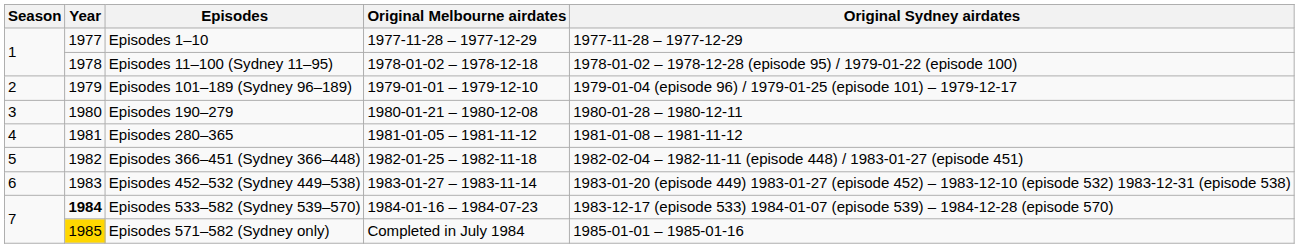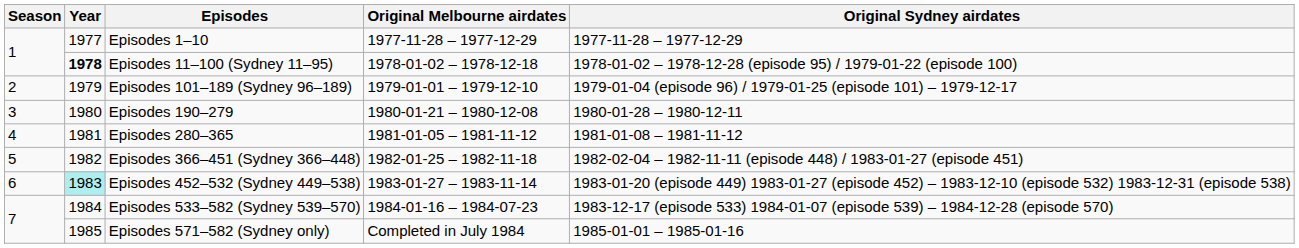 <table class="wikitable">
 <tr>
 <th>Season</th>
 <th>Year</th>
 <th>Episodes</th>
 <th>Original Melbourne airdates</th>
 <th>Original Sydney airdates</th>
 </tr>
 <tr>
 <td rowspan="2">1</td>
 <td>1977</td>
 <td style="text-align:left;">Episodes 1–10</td>
 <td>1977-11-28 – 1977-12-29</td>
 <td>1977-11-28 – 1977-12-29</td>
 </tr>
 <tr>
-<td>1978</td>
+<td><strong>1978</strong></td>
 <td style="text-align:left;">Episodes 11–100 (Sydney 11–95)</td>
 <td>1978-01-02 – 1978-12-18</td>
 <td>1978-01-02 – 1978-12-28 (episode 95) / 1979-01-22 (episode 100)</td>
 </tr>
 <tr>
 <td>2</td>
 <td>1979</td>
 <td style="text-align:left;">Episodes 101–189 (Sydney 96–189)</td>
 <td>1979-01-01 – 1979-12-10</td>
 <td>1979-01-04 (episode 96) / 1979-01-25 (episode 101) – 1979-12-17</td>
 </tr>
 <tr>
 <td>3</td>
 <td>1980</td>
 <td style="text-align:left;">Episodes 190–279</td>
 <td>1980-01-21 – 1980-12-08</td>
 <td>1980-01-28 – 1980-12-11</td>
 </tr>
 <tr>
 <td>4</td>
 <td>1981</td>
 <td style="text-align:left;">Episodes 280–365</td>
 <td>1981-01-05 – 1981-11-12</td>
 <td>1981-01-08 – 1981-11-12</td>
 </tr>
 <tr>
 <td>5</td>
 <td>1982</td>
 <td style="text-align:left;">Episodes 366–451 (Sydney 366–448)</td>
 <td>1982-01-25 – 1982-11-18</td>
 <td>1982-02-04 – 1982-11-11 (episode 448) / 1983-01-27 (episode 451)</td>
 </tr>
 <tr>
 <td>6</td>
-<td>1983</td>
+<td style="background: paleturquoise;">1983</td>
 <td style="text-align:left;">Episodes 452–532 (Sydney 449–538)</td>
 <td>1983-01-27 – 1983-11-14</td>
 <td>1983-01-20 (episode 449) 1983-01-27 (episode 452) – 1983-12-10 (episode 532) 1983-12-31 (episode 538)</td>
 </tr>
 <tr>
 <td rowspan="2">7</td>
-<td><strong>1984</strong></td>
+<td>1984</td>
 <td style="text-align:left;">Episodes 533–582 (Sydney 539–570)</td>
 <td>1984-01-16 – 1984-07-23</td>
 <td>1983-12-17 (episode 533) 1984-01-07 (episode 539) – 1984-12-28 (episode 570)</td>
 </tr>
 <tr>
-<td style="background: gold;">1985</td>
+<td>1985</td>
 <td style="text-align:left;">Episodes 571–582 (Sydney only)</td>
 <td>Completed in July 1984</td>
 <td>1985-01-01 – 1985-01-16</td>
 </tr>
 </table>
